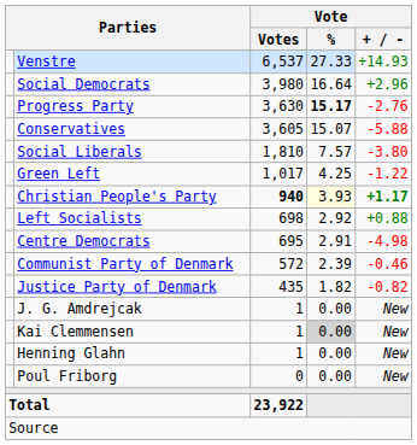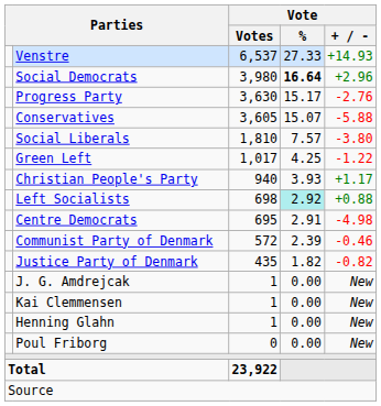 <table class="wikitable" style="text-align:right;">
 <tr>
 <th style="text-align:centre;" rowspan="2" colspan="2" width="225">Parties</th>
 <th colspan="3">Vote</th>
 </tr>
 <tr>
 <th width="15">Votes</th>
 <th width="15">%</th>
 <th width="15">+ / -</th>
 </tr>
 <tr>
 <td width="2" style="color:inherit;background:"></td>
 <td bgcolor=#cfe5fe  align="left"><a href='#'>Venstre</a></td>
 <td bgcolor=#cfe5fe>6,537</td>
 <td bgcolor=#cfe5fe>27.33</td>
 <td style=color:green;>+14.93</td>
 </tr>
 <tr>
 <td width="2" style="color:inherit;background:"></td>
 <td align="left"><a href='#'>Social Democrats</a></td>
 <td>3,980</td>
-<td>16.64</td>
+<td><strong>16.64</strong></td>
 <td style=color:green;>+2.96</td>
 </tr>
 <tr>
 <td width="2" style="color:inherit;background:"></td>
 <td align="left"><a href='#'>Progress Party</a></td>
 <td>3,630</td>
-<td><strong>15.17</strong></td>
+<td>15.17</td>
 <td style=color:red;>-2.76</td>
 </tr>
 <tr>
 <td width="2" style="color:inherit;background:"></td>
 <td align="left"><a href='#'>Conservatives</a></td>
 <td>3,605</td>
 <td>15.07</td>
 <td style=color:red;>-5.88</td>
 </tr>
 <tr>
 <td width="2" style="color:inherit;background:"></td>
 <td align="left"><a href='#'>Social Liberals</a></td>
 <td>1,810</td>
 <td>7.57</td>
 <td style=color:red;>-3.80</td>
 </tr>
 <tr>
 <td width="2" style="color:inherit;background:"></td>
 <td align="left"><a href='#'>Green Left</a></td>
 <td>1,017</td>
 <td>4.25</td>
 <td style=color:red;>-1.22</td>
 </tr>
 <tr>
 <td width="2" style="color:inherit;background:"></td>
 <td align="left"><a href='#'>Christian People's Party</a></td>
-<td><strong>940</strong></td>
-<td style="background: lightyellow;">3.93</td>
-<td style=color:green;><strong>+1.17</strong></td>
+<td>940</td>
+<td>3.93</td>
+<td style=color:green;>+1.17</td>
 </tr>
 <tr>
 <td width="2" style="color:inherit;background:"></td>
 <td align="left"><a href='#'>Left Socialists</a></td>
 <td>698</td>
-<td>2.92</td>
+<td style="background: paleturquoise;">2.92</td>
 <td style=color:green;>+0.88</td>
 </tr>
 <tr>
 <td width="2" style="color:inherit;background:"></td>
 <td align="left"><a href='#'>Centre Democrats</a></td>
 <td>695</td>
 <td>2.91</td>
 <td style=color:red;>-4.98</td>
 </tr>
 <tr>
 <td width="2" style="color:inherit;background:"></td>
 <td align="left"><a href='#'>Communist Party of Denmark</a></td>
 <td>572</td>
 <td>2.39</td>
 <td style=color:red;>-0.46</td>
 </tr>
 <tr>
 <td width="2" style="color:inherit;background:"></td>
 <td align="left"><a href='#'>Justice Party of Denmark</a></td>
 <td>435</td>
 <td>1.82</td>
 <td style=color:red;>-0.82</td>
 </tr>
 <tr>
 <td width="2" style="color:inherit;background:"></td>
 <td align="left">J. G. Amdrejcak</td>
 <td>1</td>
 <td>0.00</td>
 <td><em>New</em></td>
 </tr>
 <tr>
 <td width="2" style="color:inherit;background:"></td>
 <td align="left">Kai Clemmensen</td>
 <td>1</td>
-<td style="background: lightgrey;">0.00</td>
+<td>0.00</td>
 <td><em>New</em></td>
 </tr>
 <tr>
 <td width="2" style="color:inherit;background:"></td>
 <td align="left">Henning Glahn</td>
 <td>1</td>
 <td>0.00</td>
 <td><em>New</em></td>
 </tr>
 <tr>
 <td width="2" style="color:inherit;background:"></td>
 <td align="left">Poul Friborg</td>
 <td>0</td>
 <td>0.00</td>
 <td><em>New</em></td>
 </tr>
 <tr>
 <td colspan="7" bgcolor="#E9E9E9"></td>
 </tr>
 <tr>
 <td align="left" colspan="2"><strong>Total</strong></td>
 <td><strong>23,922</strong></td>
 <td bgcolor="#E9E9E9" colspan="2"></td>
 </tr>
 <tr>
 <td align="left" colspan="6">Source</td>
 </tr>
 </table>
